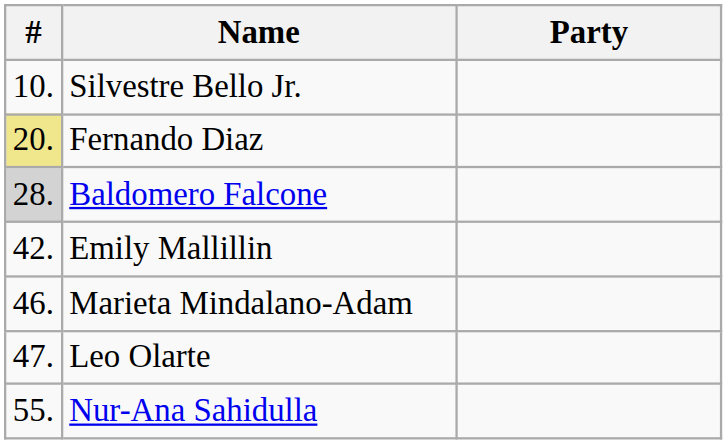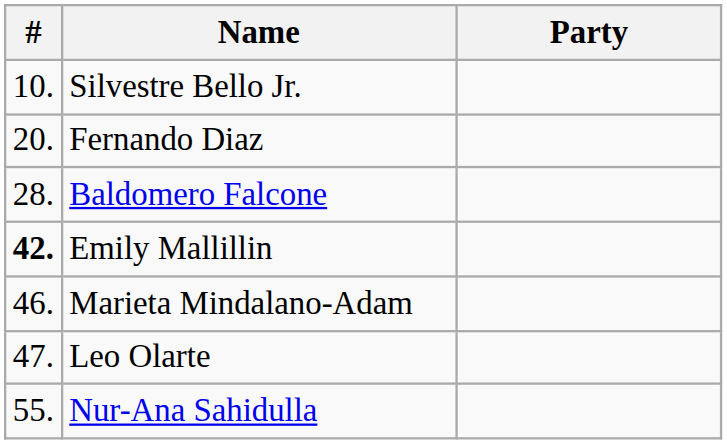 <table class=wikitable style="font-size:90%">
 <tr>
 <th>#</th>
 <th width=55%>Name</th>
 <th colspan=2 width=110px>Party</th>
 </tr>
 <tr>
 <td>10.</td>
 <td>Silvestre Bello Jr.</td>
 <td></td>
 </tr>
 <tr>
-<td style="background: khaki;">20.</td>
+<td>20.</td>
 <td>Fernando Diaz</td>
 <td></td>
 </tr>
 <tr>
-<td style="background: lightgrey;">28.</td>
+<td>28.</td>
 <td><a href='#'>Baldomero Falcone</a></td>
 <td></td>
 </tr>
 <tr>
-<td>42.</td>
+<td><strong>42.</strong></td>
 <td>Emily Mallillin</td>
 <td></td>
 </tr>
 <tr>
 <td>46.</td>
 <td>Marieta Mindalano-Adam</td>
 <td></td>
 </tr>
 <tr>
 <td>47.</td>
 <td>Leo Olarte</td>
 <td></td>
 </tr>
 <tr>
 <td>55.</td>
 <td><a href='#'>Nur-Ana Sahidulla</a></td>
 <td></td>
 </tr>
 </table>
